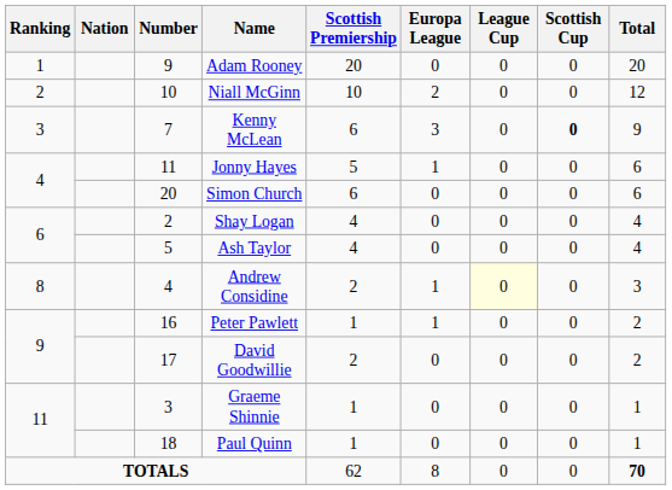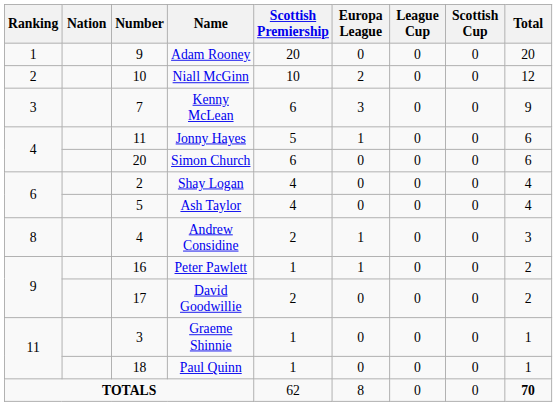 <table class="wikitable" style="font-size: 95%; text-align: center;">
 <tr>
 <th width=60>Ranking</th>
 <th width=60>Nation</th>
 <th width=60>Number</th>
 <th width=150>Name</th>
 <th width=80><a href='#'>Scottish Premiership</a></th>
 <th width=80>Europa League</th>
 <th width=80>League Cup</th>
 <th width=80>Scottish Cup</th>
 <th width=80>Total</th>
 </tr>
 <tr>
 <td>1</td>
 <td></td>
 <td>9</td>
 <td><a href='#'>Adam Rooney</a></td>
 <td>20</td>
 <td>0</td>
 <td>0</td>
 <td>0</td>
 <td>20</td>
 </tr>
 <tr>
 <td>2</td>
 <td></td>
 <td>10</td>
 <td><a href='#'>Niall McGinn</a></td>
 <td>10</td>
 <td>2</td>
 <td>0</td>
 <td>0</td>
 <td>12</td>
 </tr>
 <tr>
 <td>3</td>
 <td></td>
 <td>7</td>
 <td><a href='#'>Kenny McLean</a></td>
 <td>6</td>
 <td>3</td>
 <td>0</td>
-<td><strong>0</strong></td>
+<td>0</td>
 <td>9</td>
 </tr>
 <tr>
 <td rowspan="2">4</td>
 <td></td>
 <td>11</td>
 <td><a href='#'>Jonny Hayes</a></td>
 <td>5</td>
 <td>1</td>
 <td>0</td>
 <td>0</td>
 <td>6</td>
 </tr>
 <tr>
 <td></td>
 <td>20</td>
 <td><a href='#'>Simon Church</a></td>
 <td>6</td>
 <td>0</td>
 <td>0</td>
 <td>0</td>
 <td>6</td>
 </tr>
 <tr>
 <td rowspan="2">6</td>
 <td></td>
 <td>2</td>
 <td><a href='#'>Shay Logan</a></td>
 <td>4</td>
 <td>0</td>
 <td>0</td>
 <td>0</td>
 <td>4</td>
 </tr>
 <tr>
 <td></td>
 <td>5</td>
 <td><a href='#'>Ash Taylor</a></td>
 <td>4</td>
 <td>0</td>
 <td>0</td>
 <td>0</td>
 <td>4</td>
 </tr>
 <tr>
 <td>8</td>
 <td></td>
 <td>4</td>
 <td><a href='#'>Andrew Considine</a></td>
 <td>2</td>
 <td>1</td>
-<td style="background: lightyellow;">0</td>
+<td>0</td>
 <td>0</td>
 <td>3</td>
 </tr>
 <tr>
 <td rowspan="2">9</td>
 <td></td>
 <td>16</td>
 <td><a href='#'>Peter Pawlett</a></td>
 <td>1</td>
 <td>1</td>
 <td>0</td>
 <td>0</td>
 <td>2</td>
 </tr>
 <tr>
 <td></td>
 <td>17</td>
 <td><a href='#'>David Goodwillie</a></td>
 <td>2</td>
 <td>0</td>
 <td>0</td>
 <td>0</td>
 <td>2</td>
 </tr>
 <tr>
 <td rowspan="2">11</td>
 <td></td>
 <td>3</td>
 <td><a href='#'>Graeme Shinnie</a></td>
 <td>1</td>
 <td>0</td>
 <td>0</td>
 <td>0</td>
 <td>1</td>
 </tr>
 <tr>
 <td></td>
 <td>18</td>
 <td><a href='#'>Paul Quinn</a></td>
 <td>1</td>
 <td>0</td>
 <td>0</td>
 <td>0</td>
 <td>1</td>
 </tr>
 <tr>
 <td colspan=4><strong>TOTALS</strong></td>
 <td>62</td>
 <td>8</td>
 <td>0</td>
 <td>0</td>
 <td><strong>70</strong></td>
 </tr>
 </table>
